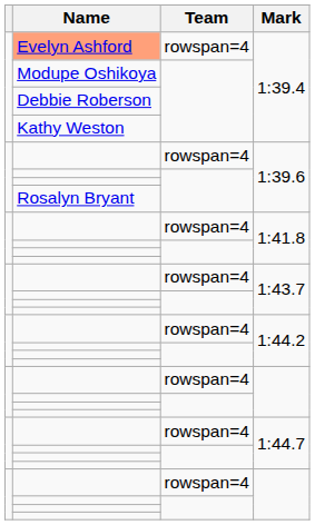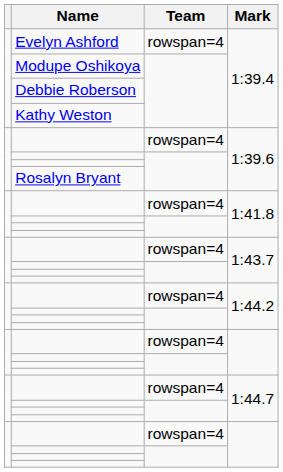 <table class=wikitable>
 <tr>
 <th></th>
 <th>Name</th>
 <th>Team</th>
 <th>Mark</th>
 </tr>
 <tr>
 <td rowspan=4></td>
-<td style="background: lightsalmon;"><a href='#'>Evelyn Ashford</a></td>
+<td><a href='#'>Evelyn Ashford</a></td>
 <td>rowspan=4 </td>
 <td rowspan=4>1:39.4</td>
 </tr>
 <tr>
 <td><a href='#'>Modupe Oshikoya</a></td>
 </tr>
 <tr>
 <td><a href='#'>Debbie Roberson</a></td>
 </tr>
 <tr>
 <td><a href='#'>Kathy Weston</a></td>
 </tr>
 <tr>
 <td rowspan=4></td>
 <td></td>
 <td>rowspan=4 </td>
 <td rowspan=4>1:39.6</td>
 </tr>
 <tr>
 <td></td>
 </tr>
 <tr>
 <td></td>
 </tr>
 <tr>
 <td><a href='#'>Rosalyn Bryant</a></td>
 </tr>
 <tr>
 <td rowspan=4></td>
 <td></td>
 <td>rowspan=4 </td>
 <td rowspan=4>1:41.8</td>
 </tr>
 <tr>
 <td></td>
 </tr>
 <tr>
 <td></td>
 </tr>
 <tr>
 <td></td>
 </tr>
 <tr>
 <td rowspan=4></td>
 <td></td>
 <td>rowspan=4 </td>
 <td rowspan=4>1:43.7</td>
 </tr>
 <tr>
 <td></td>
 </tr>
 <tr>
 <td></td>
 </tr>
 <tr>
 <td></td>
 </tr>
 <tr>
 <td rowspan=4></td>
 <td></td>
 <td>rowspan=4 </td>
 <td rowspan=4>1:44.2</td>
 </tr>
 <tr>
 <td></td>
 </tr>
 <tr>
 <td></td>
 </tr>
 <tr>
 <td></td>
 </tr>
 <tr>
 <td rowspan=4></td>
 <td></td>
 <td>rowspan=4 </td>
 <td rowspan=4></td>
 </tr>
 <tr>
 <td></td>
 </tr>
 <tr>
 <td></td>
 </tr>
 <tr>
 <td></td>
 </tr>
 <tr>
 <td rowspan=4></td>
 <td></td>
 <td>rowspan=4 </td>
 <td rowspan=4>1:44.7</td>
 </tr>
 <tr>
 <td></td>
 </tr>
 <tr>
 <td></td>
 </tr>
 <tr>
 <td></td>
 </tr>
 <tr>
 <td rowspan=4></td>
 <td></td>
 <td>rowspan=4 </td>
 <td rowspan=4></td>
 </tr>
 <tr>
 <td></td>
 </tr>
 <tr>
 <td></td>
 </tr>
 <tr>
 <td></td>
 </tr>
 </table>
